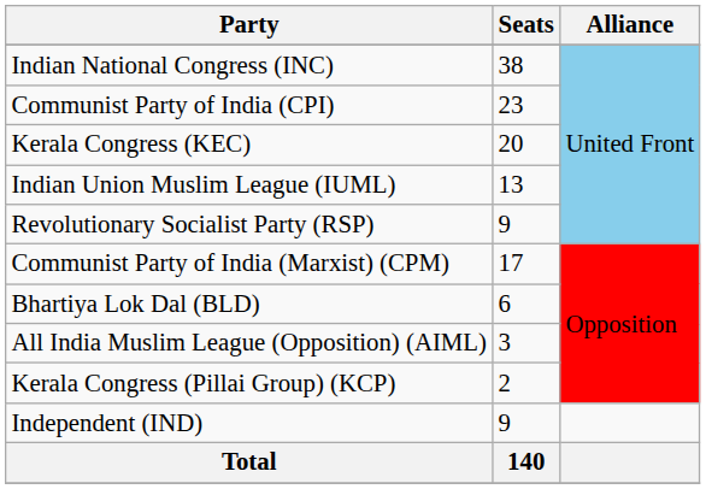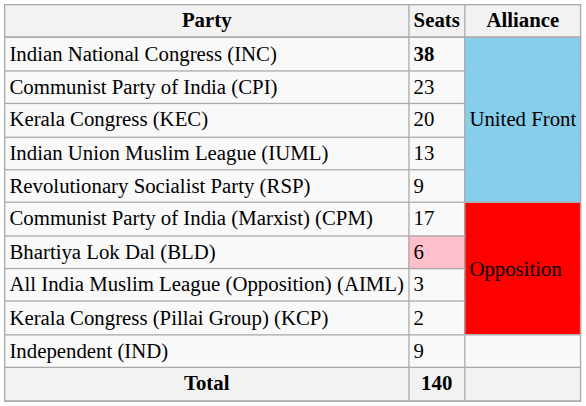 <table class="wikitable sortable">
 <tr>
 <th>Party</th>
 <th>Seats</th>
 <th>Alliance</th>
 </tr>
 <tr --->
 </tr>
 <tr --->
 <td>Indian National Congress (INC)</td>
-<td>38</td>
+<td><strong>38</strong></td>
 <td rowspan="5" style="background:skyblue; color:black;">United Front</td>
 </tr>
 <tr --->
 <td>Communist Party of India (CPI)</td>
 <td>23</td>
 </tr>
 <tr --->
 <td>Kerala Congress (KEC)</td>
 <td>20</td>
 </tr>
 <tr --->
 <td>Indian Union Muslim League (IUML)</td>
 <td>13</td>
 </tr>
 <tr --->
 <td>Revolutionary Socialist Party (RSP)</td>
 <td>9</td>
 </tr>
 <tr --->
 <td>Communist Party of India (Marxist) (CPM)</td>
 <td>17</td>
 <td rowspan="4" style="background:#f00; color:black;">Opposition</td>
 </tr>
 <tr --->
 <td>Bhartiya Lok Dal (BLD)</td>
-<td>6</td>
+<td style="background: pink;">6</td>
 </tr>
 <tr --->
 <td>All India Muslim League (Opposition) (AIML)</td>
 <td>3</td>
 </tr>
 <tr --->
 <td>Kerala Congress (Pillai Group) (KCP)</td>
 <td>2</td>
 </tr>
 <tr --->
 <td>Independent (IND)</td>
 <td>9</td>
 <td></td>
 </tr>
 <tr --->
 <th>Total</th>
 <th>140</th>
 <th></th>
 </tr>
 <tr --->
 </tr>
 </table>
